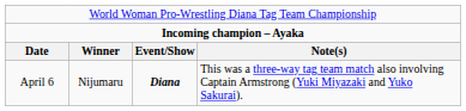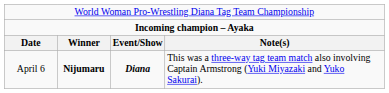 <table class="wikitable" style="text-align:center; width:100%;">
 <tr>
 <td colspan="4" style="text-align: center;"><a href='#'>World Woman Pro-Wrestling Diana Tag Team Championship</a></td>
 </tr>
 <tr>
 <td colspan="4" style="text-align: center;"><strong>Incoming champion – Ayaka </strong></td>
 </tr>
 <tr>
 <th width=14%>Date</th>
 <th width=14%>Winner</th>
 <th width=14%>Event/Show</th>
 <th width=58%>Note(s)</th>
 </tr>
 <tr>
 <td>April 6</td>
-<td>Nijumaru<br></td>
+<td><strong>Nijumaru<br></strong></td>
 <td><strong><em>Diana</em></strong></td>
 <td align=left>This was a <a href='#'>three-way tag team match</a> also involving Captain Armstrong (<a href='#'>Yuki Miyazaki</a> and <a href='#'>Yuko Sakurai</a>).</td>
 </tr>
 </table>
